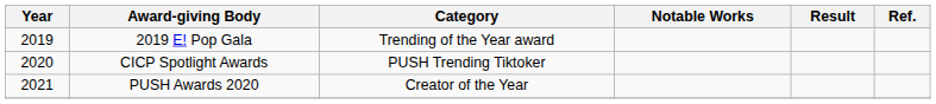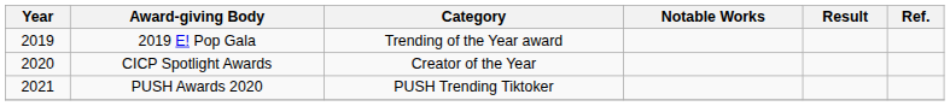 <table class="wikitable" style="text-align:center" width="80%">
 <tr>
 <th>Year</th>
 <th>Award-giving Body</th>
 <th>Category</th>
 <th>Notable Works</th>
 <th>Result</th>
 <th>Ref.</th>
 </tr>
 <tr>
 <td>2019</td>
 <td>2019 <a href='#'>E!</a> Pop Gala</td>
 <td>Trending of the Year award</td>
 <td></td>
 <td></td>
 <td></td>
 </tr>
 <tr>
 <td>2020</td>
 <td>CICP Spotlight Awards</td>
-<td>PUSH Trending Tiktoker</td>
+<td>Creator of the Year</td>
 <td></td>
 <td></td>
 <td></td>
 </tr>
 <tr>
 <td>2021</td>
 <td>PUSH Awards 2020</td>
-<td>Creator of the Year</td>
+<td>PUSH Trending Tiktoker</td>
 <td></td>
 <td></td>
 <td></td>
 </tr>
 <tr>
 </tr>
 </table>
